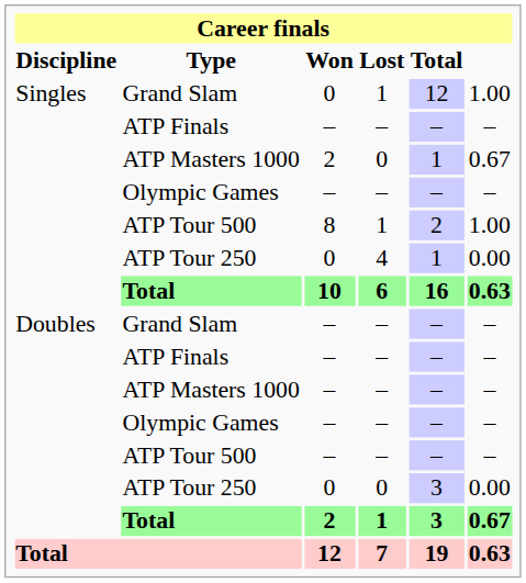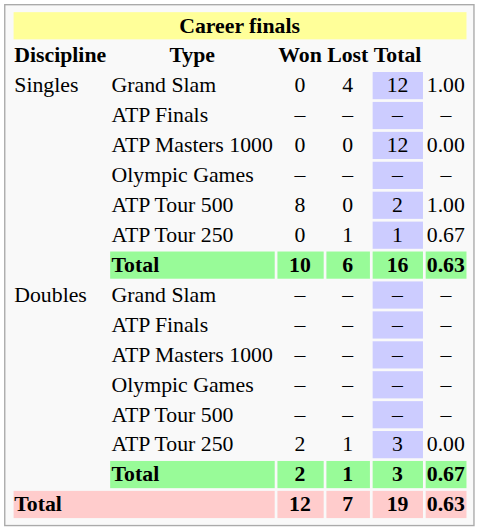 <table class="infobox vcard vevent nowrap">
 <tr style="background:#ff9;">
 <th colspan="6" style="text-align:center;">Career finals</th>
 </tr>
 <tr>
 <th>Discipline</th>
 <th>Type</th>
 <th style="text-align:center;">Won</th>
 <th style="text-align:center;">Lost</th>
 <th style="text-align:center;">Total</th>
 <th style="text-align:center;"></th>
 </tr>
 <tr>
 <td rowspan="7">Singles</td>
 <td>Grand Slam</td>
 <td style="text-align:center;">0</td>
-<td style="text-align:center;">1</td>
+<td style="text-align:center;">4</td>
 <td style="background:#ccf; text-align:center;">12</td>
 <td style="text-align:center;">1.00</td>
 </tr>
 <tr>
 <td>ATP Finals</td>
 <td style="text-align:center;">–</td>
 <td style="text-align:center;">–</td>
 <td style="background:#ccf; text-align:center;">–</td>
 <td style="text-align:center;">–</td>
 </tr>
 <tr>
 <td>ATP Masters 1000</td>
-<td style="text-align:center;">2</td>
 <td style="text-align:center;">0</td>
-<td style="background:#ccf; text-align:center;">1</td>
-<td style="text-align:center;">0.67</td>
+<td style="text-align:center;">0</td>
+<td style="background:#ccf; text-align:center;">12</td>
+<td style="text-align:center;">0.00</td>
 </tr>
 <tr>
 <td>Olympic Games</td>
 <td style="text-align:center;">–</td>
 <td style="text-align:center;">–</td>
 <td style="background:#ccf; text-align:center;">–</td>
 <td style="text-align:center;">–</td>
 </tr>
 <tr>
 <td>ATP Tour 500</td>
 <td style="text-align:center;">8</td>
-<td style="text-align:center;">1</td>
+<td style="text-align:center;">0</td>
 <td style="background:#ccf; text-align:center;">2</td>
 <td style="text-align:center;">1.00</td>
 </tr>
 <tr>
 <td>ATP Tour 250</td>
 <td style="text-align:center;">0</td>
-<td style="text-align:center;">4</td>
+<td style="text-align:center;">1</td>
 <td style="background:#ccf; text-align:center;">1</td>
-<td style="text-align:center;">0.00</td>
+<td style="text-align:center;">0.67</td>
 </tr>
 <tr style="background:#98fb98;">
 <td><strong>Total</strong></td>
 <td style="text-align:center;"><strong>10</strong></td>
 <td style="text-align:center;"><strong>6</strong></td>
 <td style="text-align:center;"><strong>16</strong></td>
 <td style="text-align:center;"><strong>0.63</strong></td>
 </tr>
 <tr>
 <td rowspan="7">Doubles</td>
 <td>Grand Slam</td>
 <td style="text-align:center;">–</td>
 <td style="text-align:center;">–</td>
 <td style="background:#ccf; text-align:center;">–</td>
 <td style="text-align:center;">–</td>
 </tr>
 <tr>
 <td>ATP Finals</td>
 <td style="text-align:center;">–</td>
 <td style="text-align:center;">–</td>
 <td style="background:#ccf; text-align:center;">–</td>
 <td style="text-align:center;">–</td>
 </tr>
 <tr>
 <td>ATP Masters 1000</td>
 <td style="text-align:center;">–</td>
 <td style="text-align:center;">–</td>
 <td style="background:#ccf; text-align:center;">–</td>
 <td style="text-align:center;">–</td>
 </tr>
 <tr>
 <td>Olympic Games</td>
 <td style="text-align:center;">–</td>
 <td style="text-align:center;">–</td>
 <td style="background:#ccf; text-align:center;">–</td>
 <td style="text-align:center;">–</td>
 </tr>
 <tr>
 <td>ATP Tour 500</td>
 <td style="text-align:center;">–</td>
 <td style="text-align:center;">–</td>
 <td style="background:#ccf; text-align:center;">–</td>
 <td style="text-align:center;">–</td>
 </tr>
 <tr>
 <td>ATP Tour 250</td>
-<td style="text-align:center;">0</td>
-<td style="text-align:center;">0</td>
+<td style="text-align:center;">2</td>
+<td style="text-align:center;">1</td>
 <td style="background:#ccf; text-align:center;">3</td>
 <td style="text-align:center;">0.00</td>
 </tr>
 <tr style="background:#98fb98;">
 <td><strong>Total</strong></td>
 <td style="text-align:center;"><strong>2</strong></td>
 <td style="text-align:center;"><strong>1</strong></td>
 <td style="text-align:center;"><strong>3</strong></td>
 <td style="text-align:center;"><strong>0.67</strong></td>
 </tr>
 <tr style="background:#fcc;">
 <td colspan="2"><strong>Total</strong></td>
 <td style="text-align:center;"><strong>12</strong></td>
 <td style="text-align:center;"><strong>7</strong></td>
 <td style="text-align:center;"><strong>19</strong></td>
 <td style="text-align:center;"><strong>0.63</strong></td>
 </tr>
 </table>
